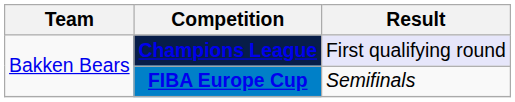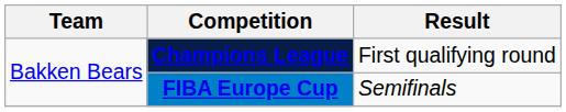 <table class="wikitable sortable">
 <tr>
 <th>Team</th>
 <th>Competition</th>
 <th>Result</th>
 </tr>
 <tr>
 <td rowspan=2><a href='#'>Bakken Bears</a></td>
 <td style="background-color:#071D49;color:#D0D3D4;text-align:center"><strong><a href='#'><span>Champions League</span></a></strong></td>
-<td style="background: lavender;">First qualifying round</td>
+<td>First qualifying round</td>
 </tr>
 <tr>
 <td style="background-color:#0080c8;color:#D0D3D4;text-align:center"><strong><a href='#'><span>FIBA Europe Cup</span></a></strong></td>
 <td><em>Semifinals</em></td>
 </tr>
 <tr>
 </tr>
 </table>
